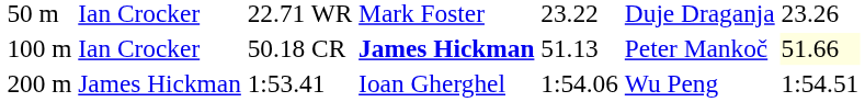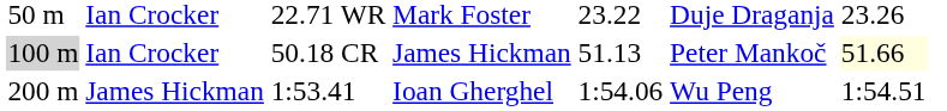 <table>
 <tr>
 <td>50 m</td>
 <td> <a href='#'>Ian Crocker</a></td>
 <td>22.71 WR</td>
 <td> <a href='#'>Mark Foster</a></td>
 <td>23.22</td>
 <td> <a href='#'>Duje Draganja</a></td>
 <td>23.26</td>
 </tr>
 <tr>
-<td>100 m</td>
+<td style="background: lightgrey;">100 m</td>
 <td> <a href='#'>Ian Crocker</a></td>
 <td>50.18 CR</td>
-<td><strong> <a href='#'>James Hickman</a></strong></td>
+<td> <a href='#'>James Hickman</a></td>
 <td>51.13</td>
 <td> <a href='#'>Peter Mankoč</a></td>
 <td style="background: lightyellow;">51.66</td>
 </tr>
 <tr>
 <td>200 m</td>
 <td> <a href='#'>James Hickman</a></td>
 <td>1:53.41</td>
 <td> <a href='#'>Ioan Gherghel</a></td>
 <td>1:54.06</td>
 <td> <a href='#'>Wu Peng</a></td>
 <td>1:54.51</td>
 </tr>
 </table>
